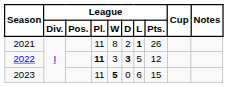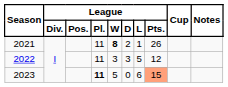 <table class="wikitable">
 <tr style="background:#d92121;">
 <th rowspan="2" ! style="background:#FFFFFF; color:#000000; border:2px solid #000000;" scope="col">Season</th>
 <th colspan="7" ! style="background:#FFFFFF; color:#000000; border:2px solid #000000;" scope="col">League</th>
 <th rowspan="2" ! style="background:#FFFFFF; color:#000000; border:2px solid #000000;" scope="col">Cup</th>
 <th rowspan="2" ! style="background:#FFFFFF; color:#000000; border:2px solid #000000;" scope="col">Notes</th>
 </tr>
 <tr>
 <th style="background:#FFFFFF; color:#000000;border:2px solid #000000;" scope="col">Div.</th>
 <th style="background:#FFFFFF; color:#000000;border:2px solid #000000;" scope="col">Pos.</th>
 <th style="background:#FFFFFF; color:#000000;border:2px solid #000000;" scope="col">Pl.</th>
 <th style="background:#FFFFFF; color:#000000;border:2px solid #000000;" scope="col">W</th>
 <th style="background:#FFFFFF; color:#000000;border:2px solid #000000;" scope="col">D</th>
 <th style="background:#FFFFFF; color:#000000;border:2px solid #000000;" scope="col">L</th>
 <th style="background:#FFFFFF; color:#000000;border:2px solid #000000;" scope="col">Pts.</th>
 </tr>
 <tr>
 <td align=center>2021</td>
 <td align=center rowspan=3><a href='#'>I</a></td>
 <td></td>
 <td align=center>11</td>
-<td align=center>8</td>
+<td align=center><strong>8</strong></td>
 <td align=center>2</td>
-<td align=center><strong>1</strong></td>
+<td align=center>1</td>
 <td align=center>26</td>
 <td align=center></td>
 <td></td>
 </tr>
 <tr>
 <td align=center><a href='#'>2022</a></td>
 <td></td>
-<td align=center><strong>11</strong></td>
+<td align=center>11</td>
 <td align=center>3</td>
-<td align=center><strong>3</strong></td>
+<td align=center>3</td>
 <td align=center>5</td>
 <td align=center>12</td>
 <td align=center></td>
 <td align=center></td>
 </tr>
 <tr>
 <td align=center>2023</td>
 <td></td>
-<td align=center>11</td>
-<td align=center><strong>5</strong></td>
+<td align=center><strong>11</strong></td>
+<td align=center>5</td>
 <td align=center>0</td>
 <td align=center>6</td>
-<td align=center>15</td>
+<td align=center style="background: lightsalmon;">15</td>
 <td align=center></td>
 <td></td>
 </tr>
 </table>
